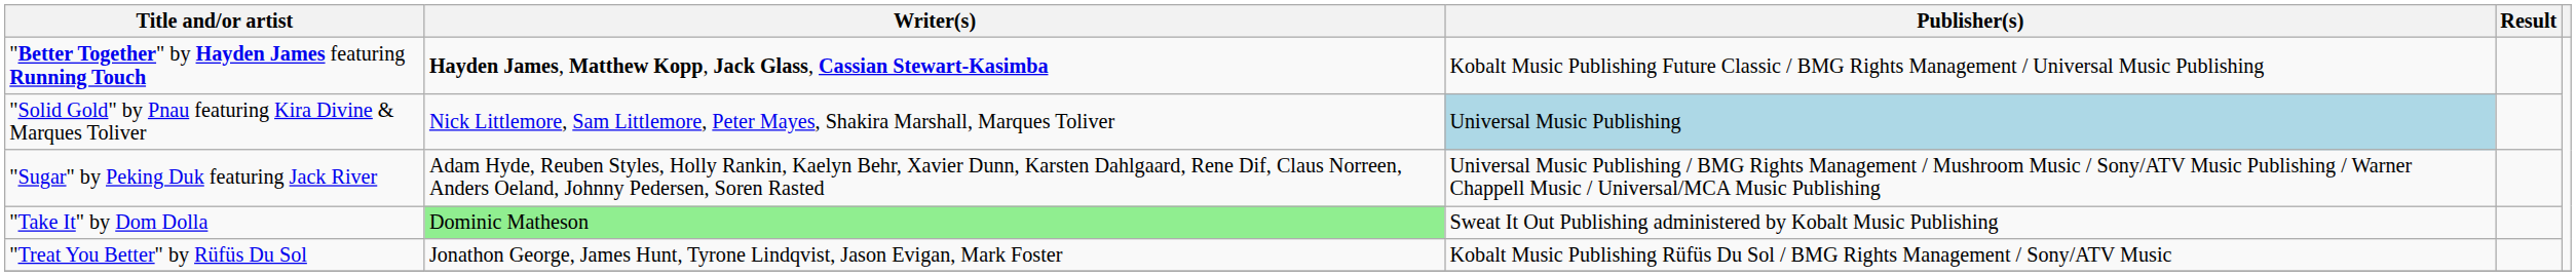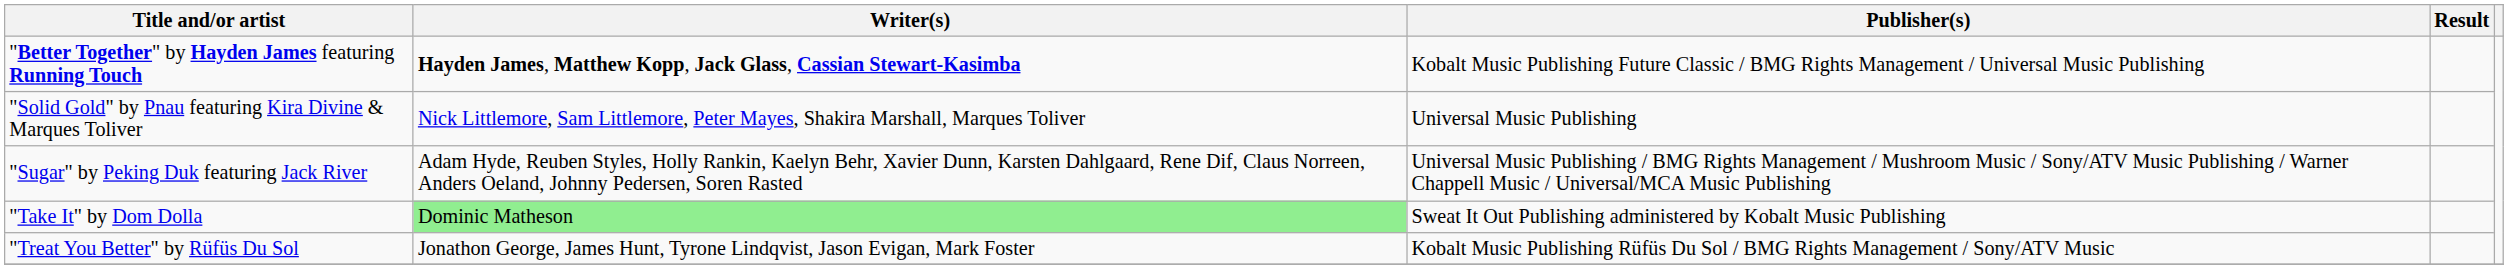 <table class="wikitable" width=100%>
 <tr>
 <th scope="col">Title and/or artist</th>
 <th scope="col">Writer(s)</th>
 <th scope="col">Publisher(s)</th>
 <th scope="col">Result</th>
 <th scope="col"></th>
 </tr>
 <tr>
 <td>"<strong><a href='#'>Better Together</a></strong>" by <strong><a href='#'>Hayden James</a></strong> featuring <strong><a href='#'>Running Touch</a></strong></td>
 <td><strong>Hayden James</strong>, <strong>Matthew Kopp</strong>, <strong>Jack Glass</strong>, <strong><a href='#'>Cassian Stewart-Kasimba</a></strong></td>
 <td>Kobalt Music Publishing  Future Classic / BMG Rights Management / Universal Music Publishing</td>
 <td></td>
 <td rowspan="5"></td>
 </tr>
 <tr>
 <td>"<a href='#'>Solid Gold</a>" by <a href='#'>Pnau</a> featuring <a href='#'>Kira Divine</a> & Marques Toliver</td>
 <td><a href='#'>Nick Littlemore</a>, <a href='#'>Sam Littlemore</a>, <a href='#'>Peter Mayes</a>, Shakira Marshall, Marques Toliver</td>
-<td style="background: lightblue;">Universal Music Publishing</td>
+<td>Universal Music Publishing</td>
 <td></td>
 </tr>
 <tr>
 <td>"<a href='#'>Sugar</a>" by <a href='#'>Peking Duk</a> featuring <a href='#'>Jack River</a></td>
 <td>Adam Hyde, Reuben Styles, Holly Rankin, Kaelyn Behr, Xavier Dunn, Karsten Dahlgaard, Rene Dif, Claus Norreen, Anders Oeland, Johnny Pedersen, Soren Rasted</td>
 <td>Universal Music Publishing / BMG Rights Management / Mushroom Music / Sony/ATV Music Publishing / Warner Chappell Music / Universal/MCA Music Publishing</td>
 <td></td>
 </tr>
 <tr>
 <td>"<a href='#'>Take It</a>" by <a href='#'>Dom Dolla</a></td>
 <td style="background: lightgreen;">Dominic Matheson</td>
 <td>Sweat It Out Publishing administered by Kobalt Music Publishing</td>
 <td></td>
 </tr>
 <tr>
 <td>"<a href='#'>Treat You Better</a>" by <a href='#'>Rüfüs Du Sol</a></td>
 <td>Jonathon George, James Hunt, Tyrone Lindqvist, Jason Evigan, Mark Foster</td>
 <td>Kobalt Music Publishing  Rüfüs Du Sol / BMG Rights Management / Sony/ATV Music</td>
 <td></td>
 </tr>
 <tr>
 </tr>
 </table>
